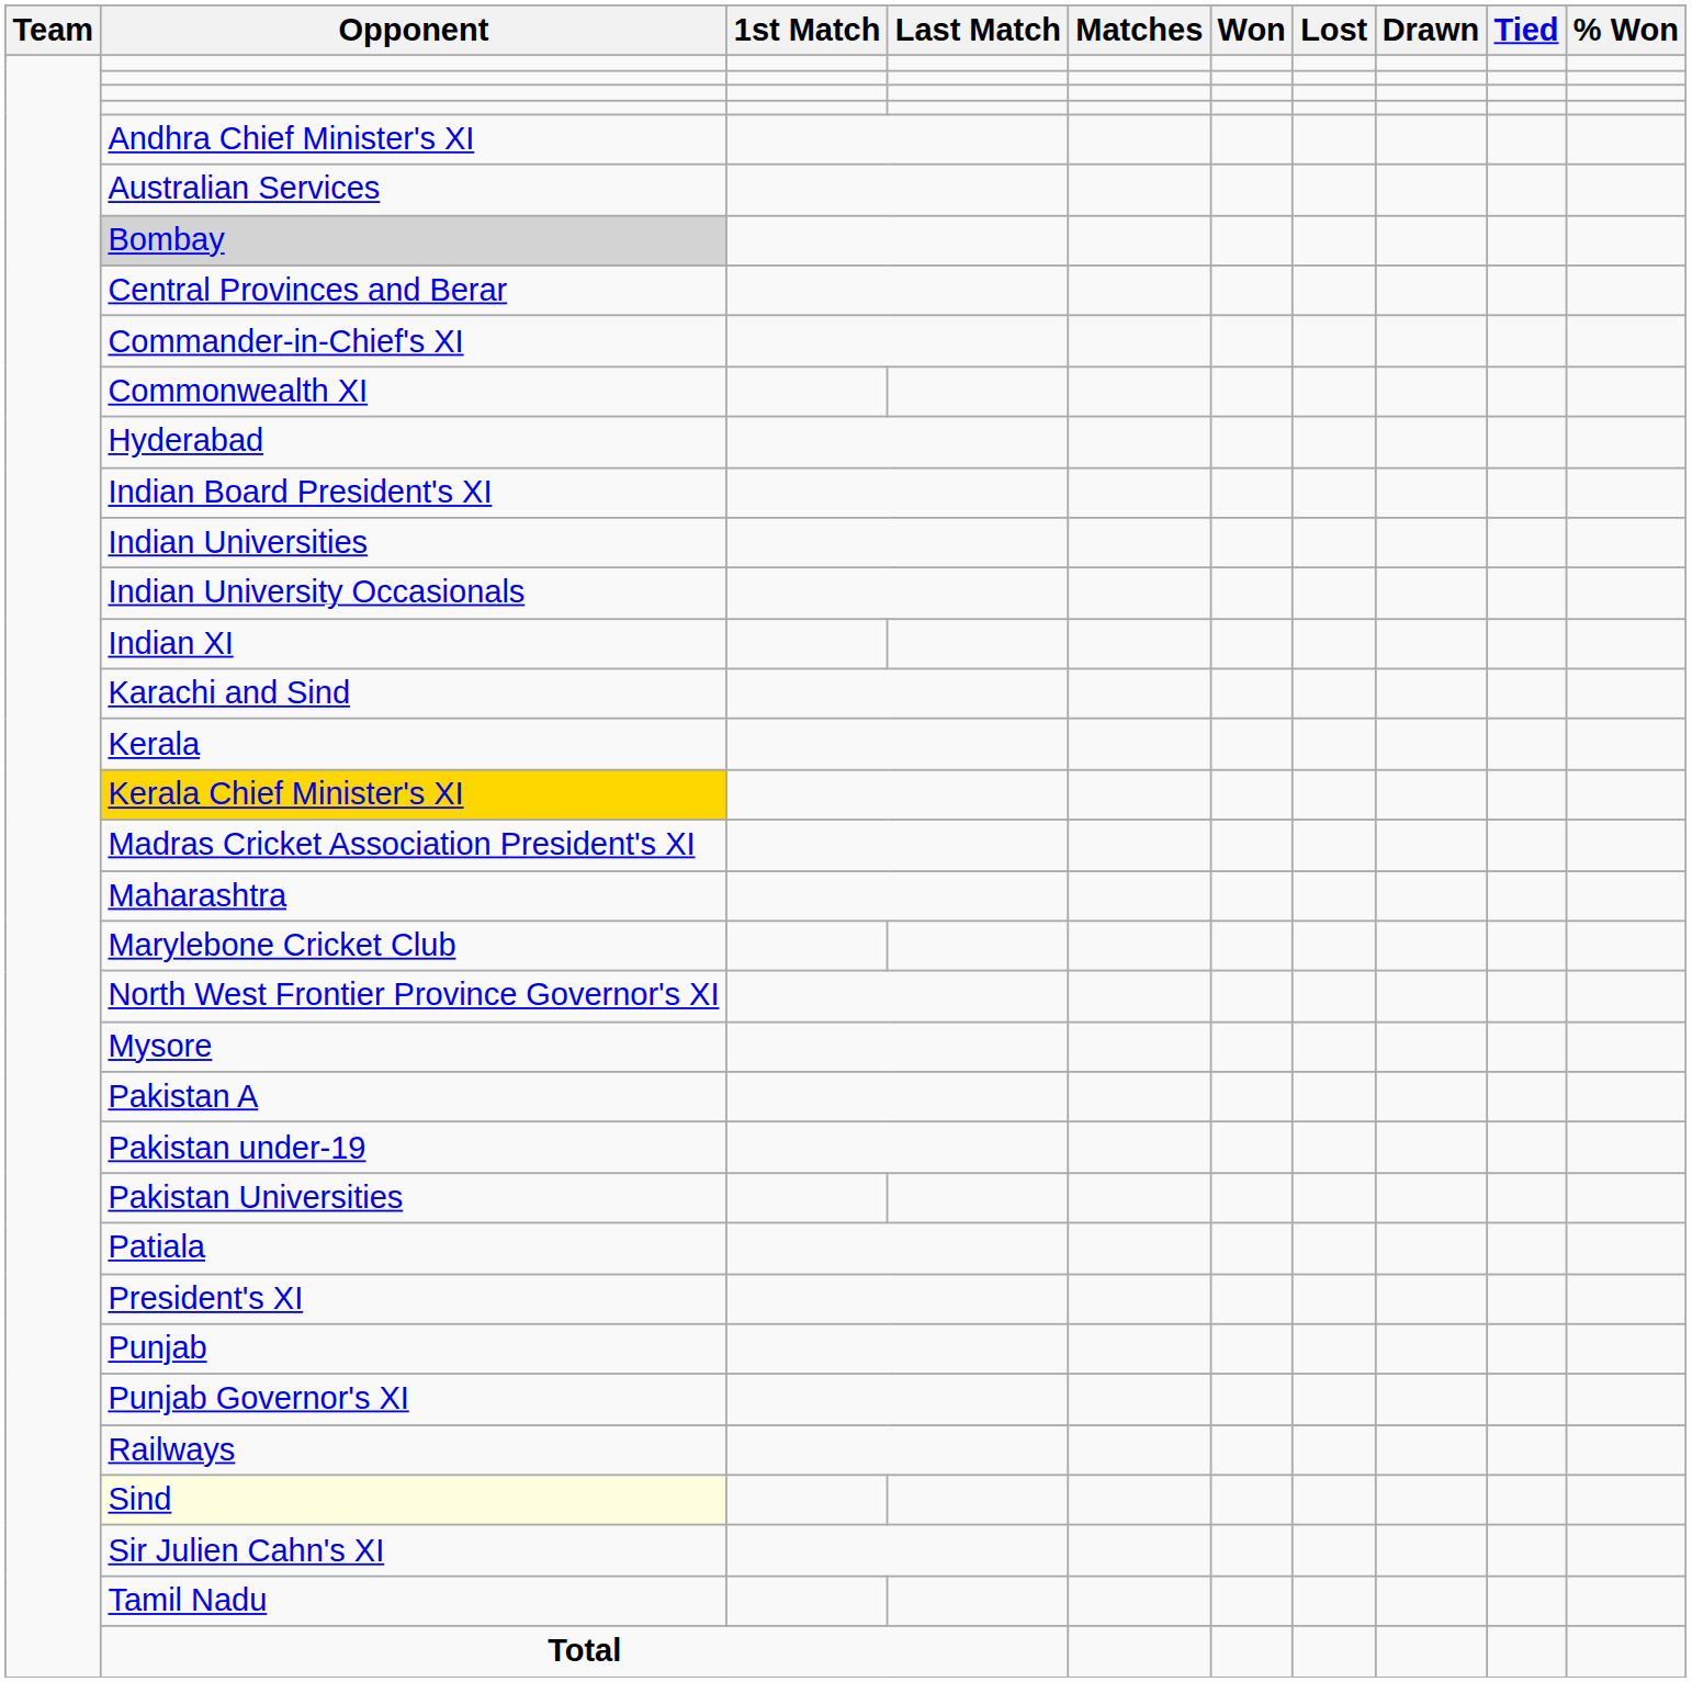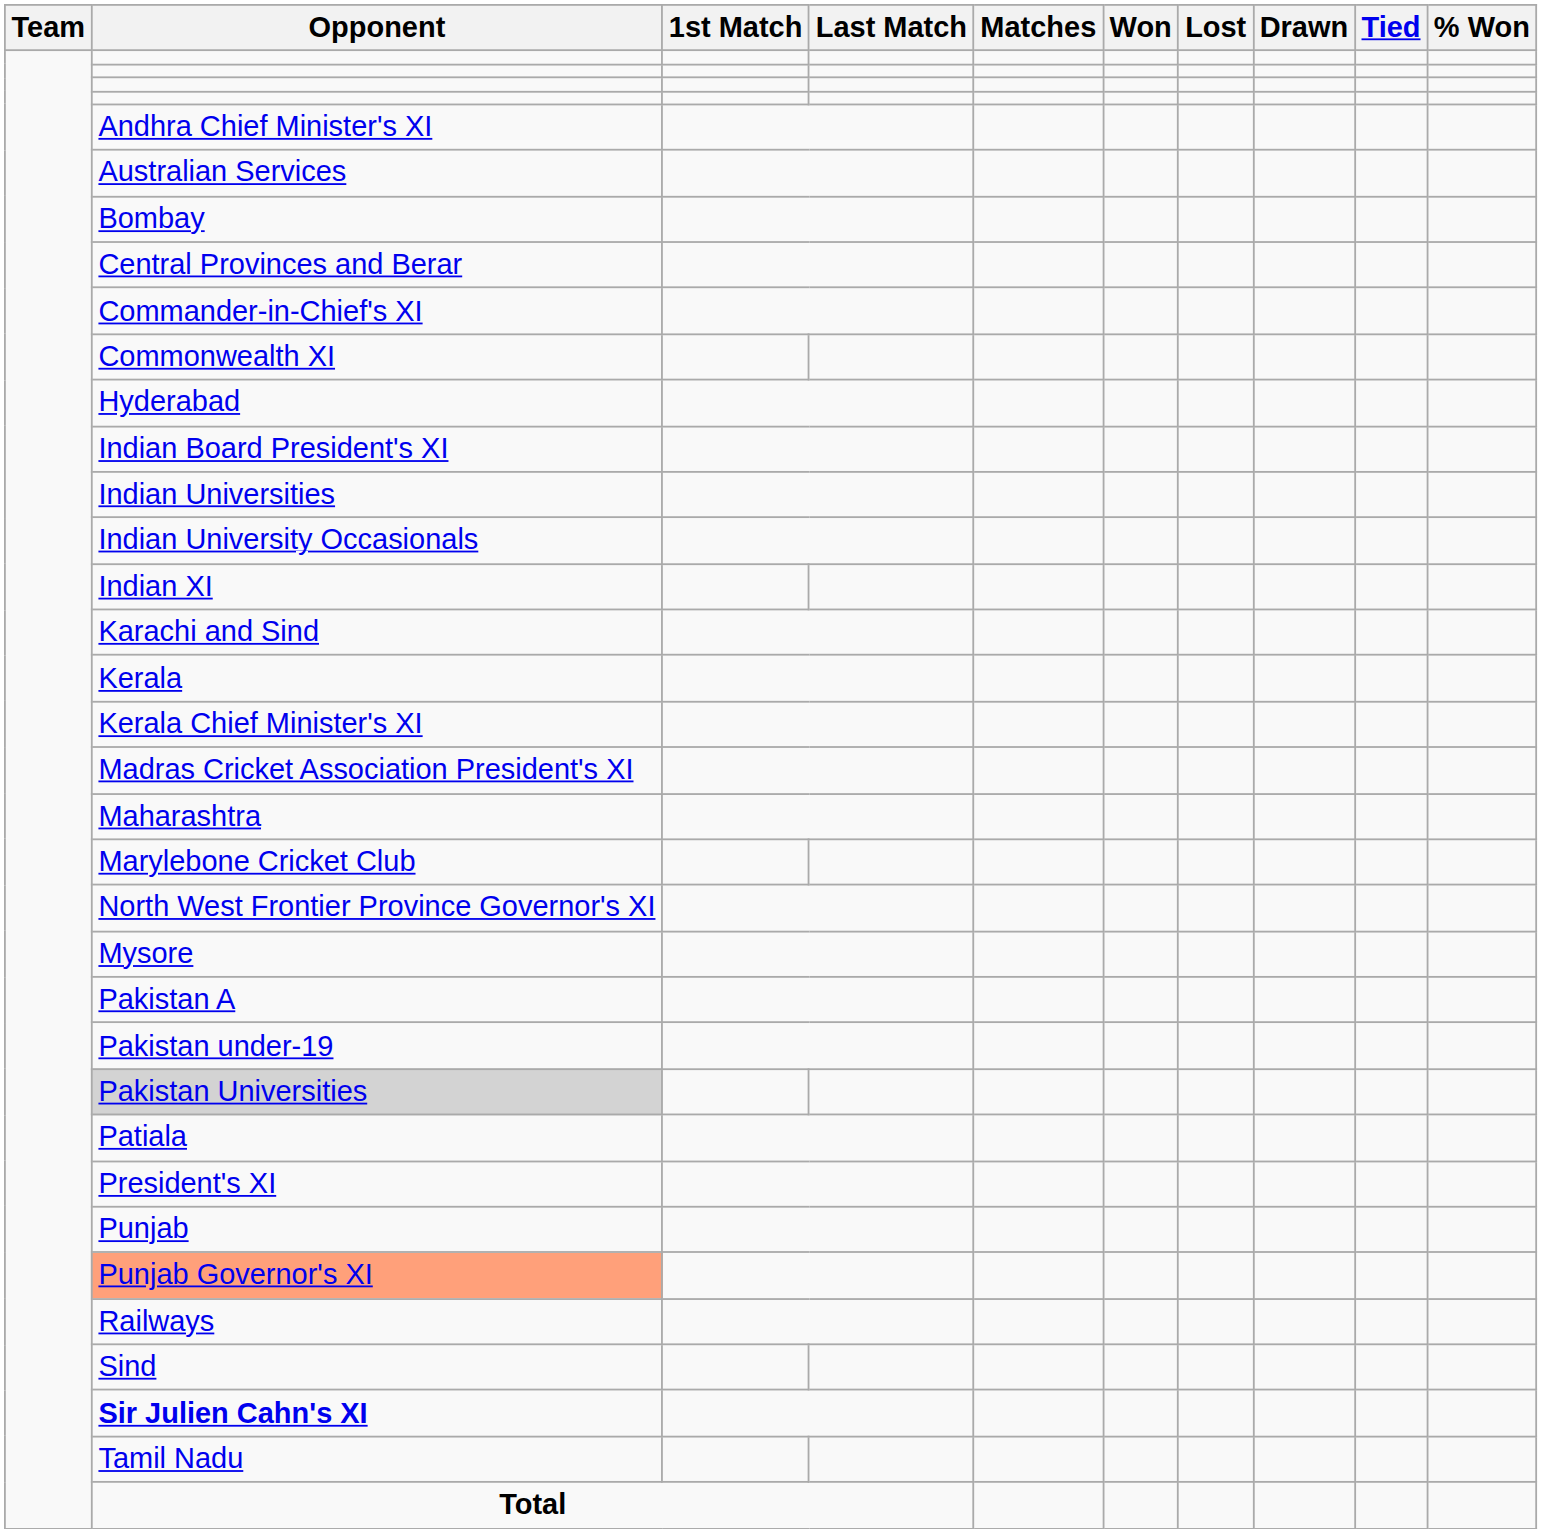 <table class="wikitable sortable">
 <tr>
 <th>Team</th>
 <th>Opponent</th>
 <th>1st Match</th>
 <th>Last Match</th>
 <th>Matches</th>
 <th>Won</th>
 <th>Lost</th>
 <th>Drawn</th>
 <th><a href='#'>Tied</a></th>
 <th>% Won</th>
 </tr>
 <tr>
 <td style="text-align:left;" rowspan="35"></td>
 <td></td>
 <td></td>
 <td></td>
 <td></td>
 <td></td>
 <td></td>
 <td></td>
 <td></td>
 <td></td>
 </tr>
 <tr>
 <td></td>
 <td></td>
 <td></td>
 <td></td>
 <td></td>
 <td></td>
 <td></td>
 <td></td>
 <td></td>
 </tr>
 <tr>
 <td></td>
 <td></td>
 <td></td>
 <td></td>
 <td></td>
 <td></td>
 <td></td>
 <td></td>
 <td></td>
 </tr>
 <tr>
 <td></td>
 <td></td>
 <td></td>
 <td></td>
 <td></td>
 <td></td>
 <td></td>
 <td></td>
 <td></td>
 </tr>
 <tr>
 <td><a href='#'>Andhra Chief Minister's XI</a></td>
 <td colspan=2></td>
 <td></td>
 <td></td>
 <td></td>
 <td></td>
 <td></td>
 <td></td>
 </tr>
 <tr>
 <td><a href='#'>Australian Services</a></td>
 <td colspan=2></td>
 <td></td>
 <td></td>
 <td></td>
 <td></td>
 <td></td>
 <td></td>
 </tr>
 <tr>
-<td style="background: lightgrey;"><a href='#'>Bombay</a></td>
+<td><a href='#'>Bombay</a></td>
 <td colspan=2></td>
 <td></td>
 <td></td>
 <td></td>
 <td></td>
 <td></td>
 <td></td>
 </tr>
 <tr>
 <td><a href='#'>Central Provinces and Berar</a></td>
 <td colspan=2></td>
 <td></td>
 <td></td>
 <td></td>
 <td></td>
 <td></td>
 <td></td>
 </tr>
 <tr>
 <td><a href='#'>Commander-in-Chief's XI</a></td>
 <td colspan=2></td>
 <td></td>
 <td></td>
 <td></td>
 <td></td>
 <td></td>
 <td></td>
 </tr>
 <tr>
 <td><a href='#'>Commonwealth XI</a></td>
 <td></td>
 <td></td>
 <td></td>
 <td></td>
 <td></td>
 <td></td>
 <td></td>
 <td></td>
 </tr>
 <tr>
 <td><a href='#'>Hyderabad</a></td>
 <td colspan=2></td>
 <td></td>
 <td></td>
 <td></td>
 <td></td>
 <td></td>
 <td></td>
 </tr>
 <tr>
 <td><a href='#'>Indian Board President's XI</a></td>
 <td colspan=2></td>
 <td></td>
 <td></td>
 <td></td>
 <td></td>
 <td></td>
 <td></td>
 </tr>
 <tr>
 <td><a href='#'>Indian Universities</a></td>
 <td colspan=2></td>
 <td></td>
 <td></td>
 <td></td>
 <td></td>
 <td></td>
 <td></td>
 </tr>
 <tr>
 <td><a href='#'>Indian University Occasionals</a></td>
 <td colspan=2></td>
 <td></td>
 <td></td>
 <td></td>
 <td></td>
 <td></td>
 <td></td>
 </tr>
 <tr>
 <td><a href='#'>Indian XI</a></td>
 <td></td>
 <td></td>
 <td></td>
 <td></td>
 <td></td>
 <td></td>
 <td></td>
 <td></td>
 </tr>
 <tr>
 <td><a href='#'>Karachi and Sind</a></td>
 <td colspan=2></td>
 <td></td>
 <td></td>
 <td></td>
 <td></td>
 <td></td>
 <td></td>
 </tr>
 <tr>
 <td><a href='#'>Kerala</a></td>
 <td colspan=2></td>
 <td></td>
 <td></td>
 <td></td>
 <td></td>
 <td></td>
 <td></td>
 </tr>
 <tr>
-<td style="background: gold;"><a href='#'>Kerala Chief Minister's XI</a></td>
+<td><a href='#'>Kerala Chief Minister's XI</a></td>
 <td colspan=2></td>
 <td></td>
 <td></td>
 <td></td>
 <td></td>
 <td></td>
 <td></td>
 </tr>
 <tr>
 <td><a href='#'>Madras Cricket Association President's XI</a></td>
 <td colspan=2></td>
 <td></td>
 <td></td>
 <td></td>
 <td></td>
 <td></td>
 <td></td>
 </tr>
 <tr>
 <td><a href='#'>Maharashtra</a></td>
 <td colspan=2></td>
 <td></td>
 <td></td>
 <td></td>
 <td></td>
 <td></td>
 <td></td>
 </tr>
 <tr>
 <td><a href='#'>Marylebone Cricket Club</a></td>
 <td></td>
 <td></td>
 <td></td>
 <td></td>
 <td></td>
 <td></td>
 <td></td>
 <td></td>
 </tr>
 <tr>
 <td><a href='#'>North West Frontier Province Governor's XI</a></td>
 <td colspan=2></td>
 <td></td>
 <td></td>
 <td></td>
 <td></td>
 <td></td>
 <td></td>
 </tr>
 <tr>
 <td><a href='#'>Mysore</a></td>
 <td colspan=2></td>
 <td></td>
 <td></td>
 <td></td>
 <td></td>
 <td></td>
 <td></td>
 </tr>
 <tr>
 <td><a href='#'>Pakistan A</a></td>
 <td colspan=2></td>
 <td></td>
 <td></td>
 <td></td>
 <td></td>
 <td></td>
 <td></td>
 </tr>
 <tr>
 <td><a href='#'>Pakistan under-19</a></td>
 <td colspan=2></td>
 <td></td>
 <td></td>
 <td></td>
 <td></td>
 <td></td>
 <td></td>
 </tr>
 <tr>
-<td><a href='#'>Pakistan Universities</a></td>
+<td style="background: lightgrey;"><a href='#'>Pakistan Universities</a></td>
 <td></td>
 <td></td>
 <td></td>
 <td></td>
 <td></td>
 <td></td>
 <td></td>
 <td></td>
 </tr>
 <tr>
 <td><a href='#'>Patiala</a></td>
 <td colspan=2></td>
 <td></td>
 <td></td>
 <td></td>
 <td></td>
 <td></td>
 <td></td>
 </tr>
 <tr>
 <td><a href='#'>President's XI</a></td>
 <td colspan=2></td>
 <td></td>
 <td></td>
 <td></td>
 <td></td>
 <td></td>
 <td></td>
 </tr>
 <tr>
 <td><a href='#'>Punjab</a></td>
 <td colspan=2></td>
 <td></td>
 <td></td>
 <td></td>
 <td></td>
 <td></td>
 <td></td>
 </tr>
 <tr>
-<td><a href='#'>Punjab Governor's XI</a></td>
+<td style="background: lightsalmon;"><a href='#'>Punjab Governor's XI</a></td>
 <td colspan=2></td>
 <td></td>
 <td></td>
 <td></td>
 <td></td>
 <td></td>
 <td></td>
 </tr>
 <tr>
 <td><a href='#'>Railways</a></td>
 <td colspan=2></td>
 <td></td>
 <td></td>
 <td></td>
 <td></td>
 <td></td>
 <td></td>
 </tr>
 <tr>
-<td style="background: lightyellow;"><a href='#'>Sind</a></td>
+<td><a href='#'>Sind</a></td>
 <td></td>
 <td></td>
 <td></td>
 <td></td>
 <td></td>
 <td></td>
 <td></td>
 <td></td>
 </tr>
 <tr>
-<td><a href='#'>Sir Julien Cahn's XI</a></td>
+<td><strong><a href='#'>Sir Julien Cahn's XI</a></strong></td>
 <td colspan=2></td>
 <td></td>
 <td></td>
 <td></td>
 <td></td>
 <td></td>
 <td></td>
 </tr>
 <tr>
 <td><a href='#'>Tamil Nadu</a></td>
 <td></td>
 <td></td>
 <td></td>
 <td></td>
 <td></td>
 <td></td>
 <td></td>
 <td></td>
 </tr>
 <tr class="unsortable">
 <td colspan=3 align="center"><strong>Total</strong></td>
 <td><strong></strong></td>
 <td><strong></strong></td>
 <td><strong></strong></td>
 <td><strong></strong></td>
 <td><strong></strong></td>
 <td><strong></strong></td>
 </tr>
 </table>
